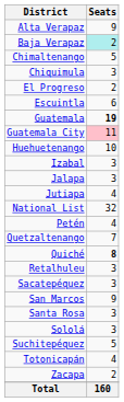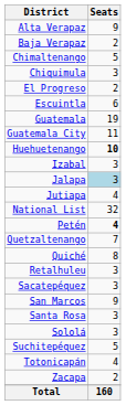 <table class="wikitable sortable" style="text-align:right">
 <tr>
 <th>District</th>
 <th>Seats</th>
 </tr>
 <tr>
 <td><a href='#'>Alta Verapaz</a></td>
 <td>9</td>
 </tr>
 <tr>
 <td><a href='#'>Baja Verapaz</a></td>
-<td style="background: paleturquoise;">2</td>
+<td>2</td>
 </tr>
 <tr>
 <td><a href='#'>Chimaltenango</a></td>
 <td>5</td>
 </tr>
 <tr>
 <td><a href='#'>Chiquimula</a></td>
 <td>3</td>
 </tr>
 <tr>
 <td><a href='#'>El Progreso</a></td>
 <td>2</td>
 </tr>
 <tr>
 <td><a href='#'>Escuintla</a></td>
 <td>6</td>
 </tr>
 <tr>
 <td><a href='#'>Guatemala</a></td>
-<td><strong>19</strong></td>
+<td>19</td>
 </tr>
 <tr>
 <td><a href='#'>Guatemala City</a></td>
-<td style="background: pink;">11</td>
+<td>11</td>
 </tr>
 <tr>
 <td><a href='#'>Huehuetenango</a></td>
-<td>10</td>
+<td><strong>10</strong></td>
 </tr>
 <tr>
 <td><a href='#'>Izabal</a></td>
 <td>3</td>
 </tr>
 <tr>
 <td><a href='#'>Jalapa</a></td>
-<td>3</td>
+<td style="background: lightblue;">3</td>
 </tr>
 <tr>
 <td><a href='#'>Jutiapa</a></td>
 <td>4</td>
 </tr>
 <tr>
 <td><a href='#'>National List</a></td>
 <td>32</td>
 </tr>
 <tr>
 <td><a href='#'>Petén</a></td>
-<td>4</td>
+<td><strong>4</strong></td>
 </tr>
 <tr>
 <td><a href='#'>Quetzaltenango</a></td>
 <td>7</td>
 </tr>
 <tr>
 <td><a href='#'>Quiché</a></td>
-<td><strong>8</strong></td>
+<td>8</td>
 </tr>
 <tr>
 <td><a href='#'>Retalhuleu</a></td>
 <td>3</td>
 </tr>
 <tr>
 <td><a href='#'>Sacatepéquez</a></td>
 <td>3</td>
 </tr>
 <tr>
 <td><a href='#'>San Marcos</a></td>
 <td>9</td>
 </tr>
 <tr>
 <td><a href='#'>Santa Rosa</a></td>
 <td>3</td>
 </tr>
 <tr>
 <td><a href='#'>Sololá</a></td>
 <td>3</td>
 </tr>
 <tr>
 <td><a href='#'>Suchitepéquez</a></td>
 <td>5</td>
 </tr>
 <tr>
 <td><a href='#'>Totonicapán</a></td>
 <td>4</td>
 </tr>
 <tr>
 <td><a href='#'>Zacapa</a></td>
 <td>2</td>
 </tr>
 <tr>
 </tr>
 <tr>
 <th>Total</th>
 <th>160</th>
 </tr>
 </table>
